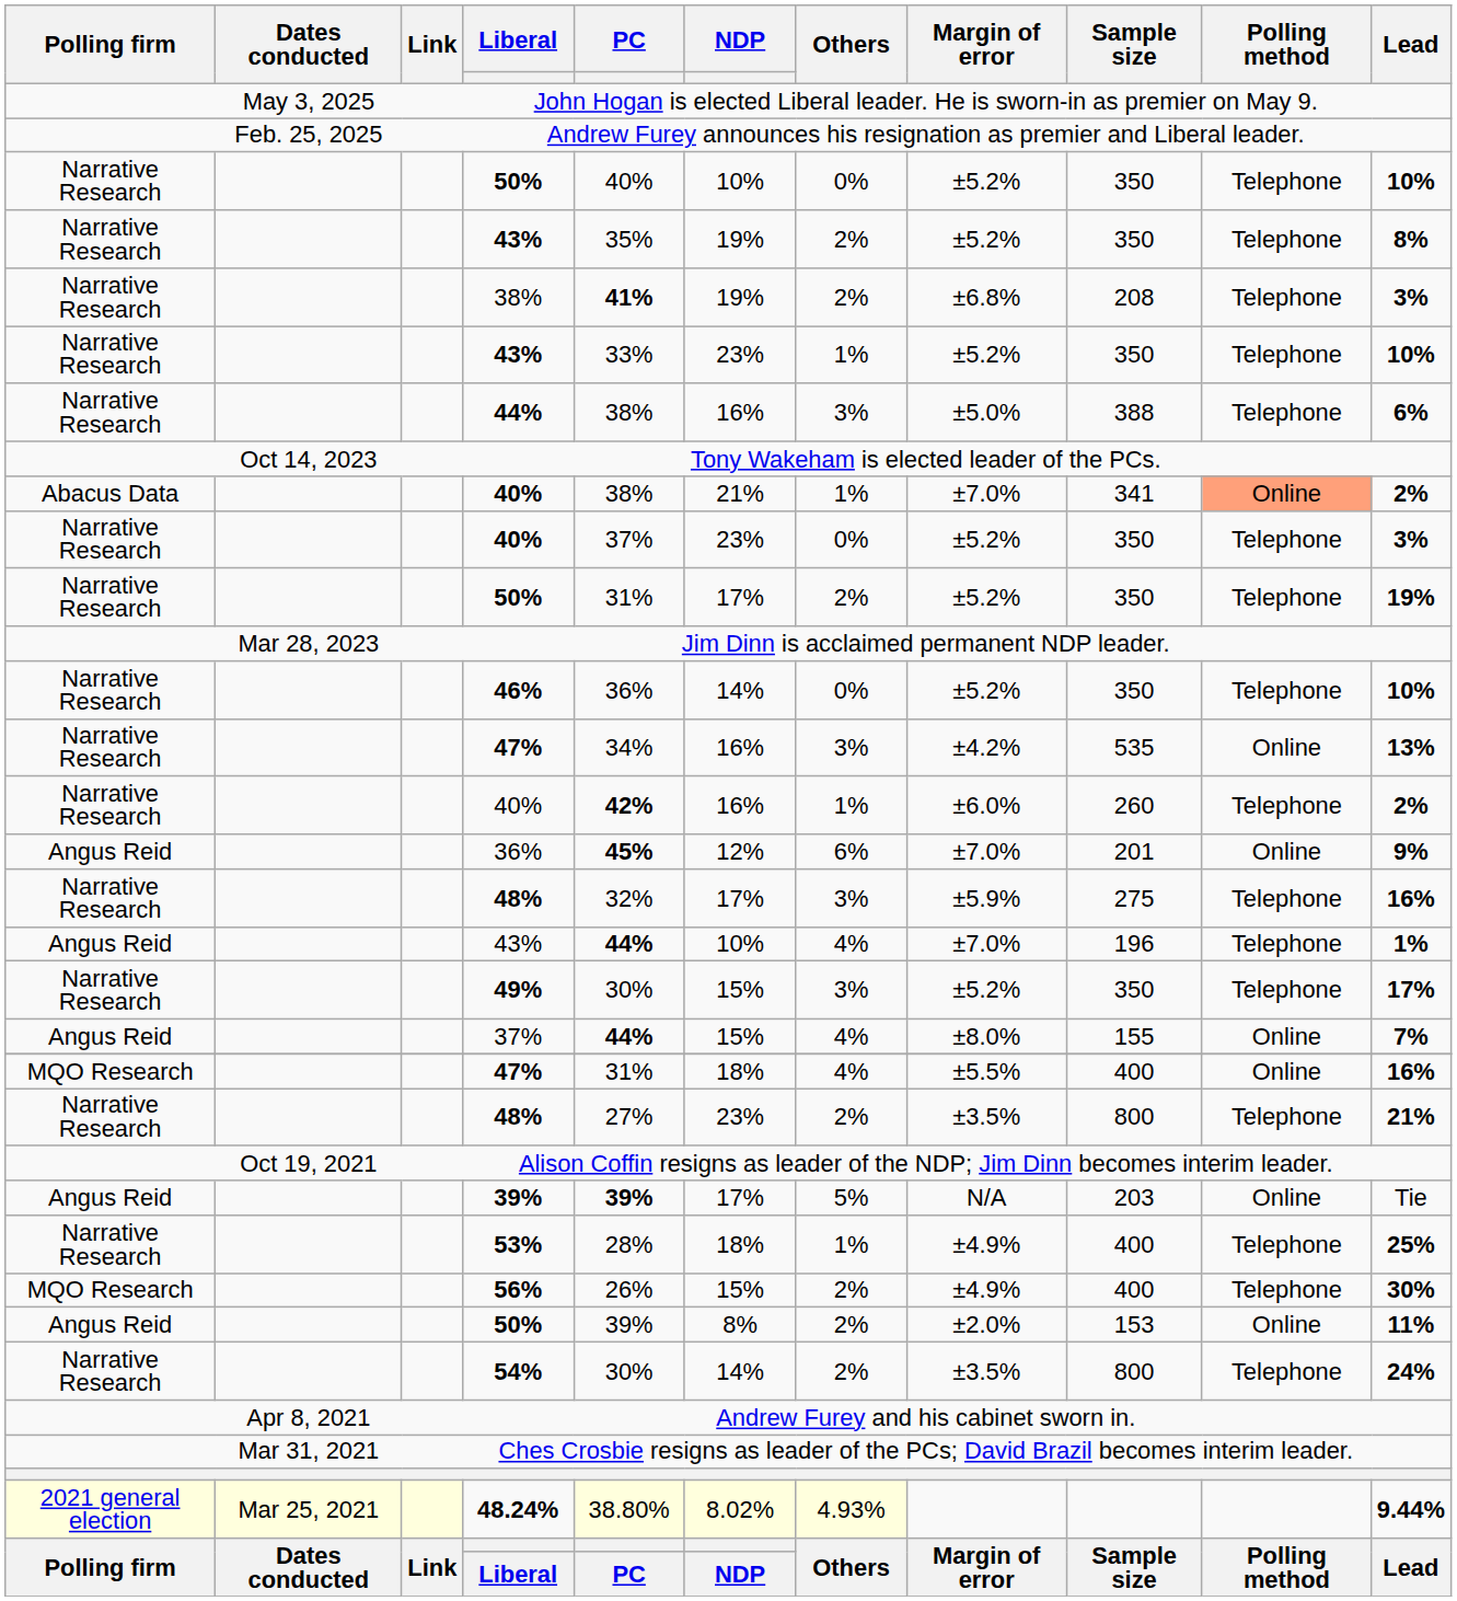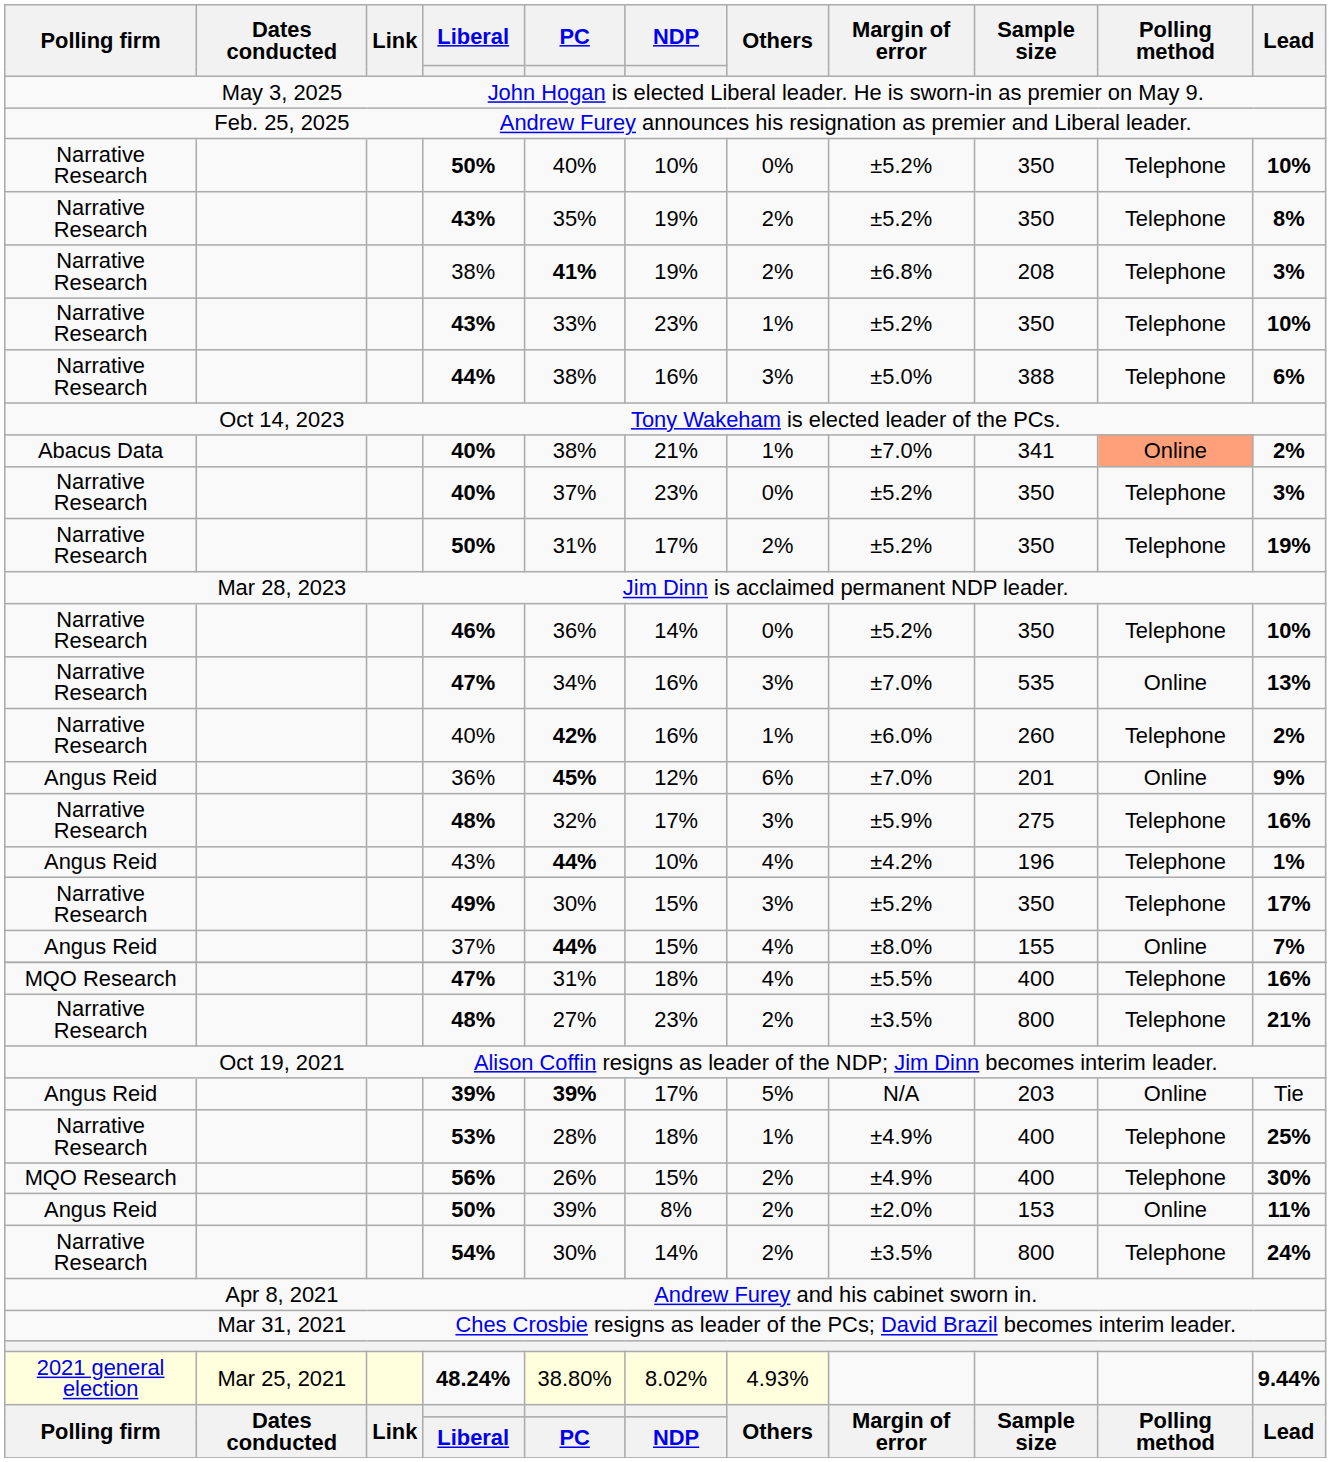 <table class="wikitable sortable mw-datatable" style="text-align:center;font-size:90%;line-height:14px">
 <tr style="height:40px;">
 <th rowspan="2">Polling firm</th>
 <th rowspan="2">Dates conducted</th>
 <th rowspan="2" class="unsortable">Link</th>
 <th width="60px" class="unsortable"><a href='#'>Liberal</a></th>
 <th width="60px" class="unsortable"><a href='#'>PC</a></th>
 <th width="60px" class="unsortable"><a href='#'>NDP</a></th>
 <th rowspan="2" width="60px">Others</th>
 <th rowspan="2">Margin of error</th>
 <th rowspan="2">Sample size</th>
 <th rowspan="2">Polling method</th>
 <th rowspan="2">Lead</th>
 </tr>
 <tr>
 <th style="background:"></th>
 <th style="background:"></th>
 <th style="background:"></th>
 </tr>
 <tr>
 <td style="border-right-style:hidden;"></td>
 <td style="border-right-style:hidden;" data-sort-value="2025-05-03">May 3, 2025</td>
 <td colspan="9"><a href='#'>John Hogan</a> is elected Liberal leader. He is sworn-in as premier on May 9.</td>
 </tr>
 <tr>
 <td style="border-right-style:hidden;"></td>
 <td style="border-right-style:hidden;" data-sort-value="2023-03-28">Feb. 25, 2025</td>
 <td colspan="9"><a href='#'>Andrew Furey</a> announces his resignation as premier and Liberal leader.</td>
 </tr>
 <tr>
 <td>Narrative Research</td>
 <td></td>
 <td></td>
 <td><strong>50%</strong></td>
 <td>40%</td>
 <td>10%</td>
 <td>0%</td>
 <td>±5.2%</td>
 <td>350</td>
 <td>Telephone</td>
 <td><strong>10%</strong></td>
 </tr>
 <tr>
 <td>Narrative Research</td>
 <td></td>
 <td></td>
 <td><strong>43%</strong></td>
 <td>35%</td>
 <td>19%</td>
 <td>2%</td>
 <td>±5.2%</td>
 <td>350</td>
 <td>Telephone</td>
 <td><strong>8%</strong></td>
 </tr>
 <tr>
 <td>Narrative Research</td>
 <td></td>
 <td></td>
 <td>38%</td>
 <td><strong>41%</strong></td>
 <td>19%</td>
 <td>2%</td>
 <td>±6.8%</td>
 <td>208</td>
 <td>Telephone</td>
 <td><strong>3%</strong></td>
 </tr>
 <tr>
 <td>Narrative Research</td>
 <td></td>
 <td></td>
 <td><strong>43%</strong></td>
 <td>33%</td>
 <td>23%</td>
 <td>1%</td>
 <td>±5.2%</td>
 <td>350</td>
 <td>Telephone</td>
 <td><strong>10%</strong></td>
 </tr>
 <tr>
 <td>Narrative Research</td>
 <td></td>
 <td></td>
 <td><strong>44%</strong></td>
 <td>38%</td>
 <td>16%</td>
 <td>3%</td>
 <td>±5.0%</td>
 <td>388</td>
 <td>Telephone</td>
 <td><strong>6%</strong></td>
 </tr>
 <tr>
 <td style="border-right-style:hidden;"></td>
 <td style="border-right-style:hidden;" data-sort-value="2023-10-14">Oct 14, 2023</td>
 <td colspan="9"><a href='#'>Tony Wakeham</a> is elected leader of the PCs.</td>
 </tr>
 <tr>
 <td>Abacus Data</td>
 <td></td>
 <td></td>
 <td><strong>40%</strong></td>
 <td>38%</td>
 <td>21%</td>
 <td>1%</td>
 <td>±7.0%</td>
 <td>341</td>
 <td style="background: lightsalmon;">Online</td>
 <td><strong>2%</strong></td>
 </tr>
 <tr>
 <td>Narrative Research</td>
 <td></td>
 <td></td>
 <td><strong>40%</strong></td>
 <td>37%</td>
 <td>23%</td>
 <td>0%</td>
 <td>±5.2%</td>
 <td>350</td>
 <td>Telephone</td>
 <td><strong>3%</strong></td>
 </tr>
 <tr>
 <td>Narrative Research</td>
 <td></td>
 <td></td>
 <td><strong>50%</strong></td>
 <td>31%</td>
 <td>17%</td>
 <td>2%</td>
 <td>±5.2%</td>
 <td>350</td>
 <td>Telephone</td>
 <td><strong>19%</strong></td>
 </tr>
 <tr>
 <td style="border-right-style:hidden;"></td>
 <td style="border-right-style:hidden;" data-sort-value="2023-03-28">Mar 28, 2023</td>
 <td colspan="9"><a href='#'>Jim Dinn</a> is acclaimed permanent NDP leader.</td>
 </tr>
 <tr>
 <td>Narrative Research</td>
 <td></td>
 <td></td>
 <td><strong>46%</strong></td>
 <td>36%</td>
 <td>14%</td>
 <td>0%</td>
 <td>±5.2%</td>
 <td>350</td>
 <td>Telephone</td>
 <td><strong>10%</strong></td>
 </tr>
 <tr>
 <td>Narrative Research</td>
 <td></td>
 <td></td>
 <td><strong>47%</strong></td>
 <td>34%</td>
 <td>16%</td>
 <td>3%</td>
-<td>±4.2%</td>
+<td>±7.0%</td>
 <td>535</td>
 <td>Online</td>
 <td><strong>13%</strong></td>
 </tr>
 <tr>
 <td>Narrative Research</td>
 <td></td>
 <td></td>
 <td>40%</td>
 <td><strong>42%</strong></td>
 <td>16%</td>
 <td>1%</td>
 <td>±6.0%</td>
 <td>260</td>
 <td>Telephone</td>
 <td><strong>2%</strong></td>
 </tr>
 <tr>
 <td>Angus Reid</td>
 <td></td>
 <td></td>
 <td>36%</td>
 <td><strong>45%</strong></td>
 <td>12%</td>
 <td>6%</td>
 <td>±7.0%</td>
 <td>201</td>
 <td>Online</td>
 <td><strong>9%</strong></td>
 </tr>
 <tr>
 <td>Narrative Research</td>
 <td></td>
 <td></td>
 <td><strong>48%</strong></td>
 <td>32%</td>
 <td>17%</td>
 <td>3%</td>
 <td>±5.9%</td>
 <td>275</td>
 <td>Telephone</td>
 <td><strong>16%</strong></td>
 </tr>
 <tr>
 <td>Angus Reid</td>
 <td></td>
 <td></td>
 <td>43%</td>
 <td><strong>44%</strong></td>
 <td>10%</td>
 <td>4%</td>
-<td>±7.0%</td>
+<td>±4.2%</td>
 <td>196</td>
 <td>Telephone</td>
 <td><strong>1%</strong></td>
 </tr>
 <tr>
 <td>Narrative Research</td>
 <td></td>
 <td></td>
 <td><strong>49%</strong></td>
 <td>30%</td>
 <td>15%</td>
 <td>3%</td>
 <td>±5.2%</td>
 <td>350</td>
 <td>Telephone</td>
 <td><strong>17%</strong></td>
 </tr>
 <tr>
 <td>Angus Reid</td>
 <td></td>
 <td></td>
 <td>37%</td>
 <td><strong>44%</strong></td>
 <td>15%</td>
 <td>4%</td>
 <td>±8.0%</td>
 <td>155</td>
 <td>Online</td>
 <td><strong>7%</strong></td>
 </tr>
 <tr>
 </tr>
 <tr>
 <td>MQO Research</td>
 <td></td>
 <td></td>
 <td><strong>47%</strong></td>
 <td>31%</td>
 <td>18%</td>
 <td>4%</td>
 <td>±5.5%</td>
 <td>400</td>
-<td>Online</td>
+<td>Telephone</td>
 <td><strong>16%</strong></td>
 </tr>
 <tr>
 <td>Narrative Research</td>
 <td></td>
 <td></td>
 <td><strong>48%</strong></td>
 <td>27%</td>
 <td>23%</td>
 <td>2%</td>
 <td>±3.5%</td>
 <td>800</td>
 <td>Telephone</td>
 <td><strong>21%</strong></td>
 </tr>
 <tr>
 <td style="border-right-style:hidden;"></td>
 <td style="border-right-style:hidden;" data-sort-value="2021-10-19">Oct 19, 2021</td>
 <td colspan="9"><a href='#'>Alison Coffin</a> resigns as leader of the NDP; <a href='#'>Jim Dinn</a> becomes interim leader.</td>
 </tr>
 <tr>
 <td>Angus Reid</td>
 <td></td>
 <td></td>
 <td><strong>39%</strong></td>
 <td><strong>39%</strong></td>
 <td>17%</td>
 <td>5%</td>
 <td>N/A</td>
 <td>203</td>
 <td>Online</td>
 <td data-sort-value="0">Tie</td>
 </tr>
 <tr>
 <td>Narrative Research</td>
 <td></td>
 <td></td>
 <td><strong>53%</strong></td>
 <td>28%</td>
 <td>18%</td>
 <td>1%</td>
 <td>±4.9%</td>
 <td>400</td>
 <td>Telephone</td>
 <td><strong>25%</strong></td>
 </tr>
 <tr>
 <td>MQO Research</td>
 <td></td>
 <td></td>
 <td><strong>56%</strong></td>
 <td>26%</td>
 <td>15%</td>
 <td>2%</td>
 <td>±4.9%</td>
 <td>400</td>
 <td>Telephone</td>
 <td><strong>30%</strong></td>
 </tr>
 <tr>
 <td>Angus Reid</td>
 <td></td>
 <td></td>
 <td><strong>50%</strong></td>
 <td>39%</td>
 <td>8%</td>
 <td>2%</td>
 <td>±2.0%</td>
 <td>153</td>
 <td>Online</td>
 <td><strong>11%</strong></td>
 </tr>
 <tr>
 <td>Narrative Research</td>
 <td></td>
 <td></td>
 <td><strong>54%</strong></td>
 <td>30%</td>
 <td>14%</td>
 <td>2%</td>
 <td>±3.5%</td>
 <td>800</td>
 <td>Telephone</td>
 <td><strong>24%</strong></td>
 </tr>
 <tr>
 <td style="border-right-style:hidden;"></td>
 <td style="border-right-style:hidden;" data-sort-value="2021-04-08">Apr 8, 2021</td>
 <td colspan="9"><a href='#'>Andrew Furey</a> and his cabinet sworn in.</td>
 </tr>
 <tr>
 <td style="border-right-style:hidden;"></td>
 <td style="border-right-style:hidden;" data-sort-value="2021-03-31">Mar 31, 2021</td>
 <td colspan="9"><a href='#'>Ches Crosbie</a> resigns as leader of the PCs; <a href='#'>David Brazil</a> becomes interim leader.</td>
 </tr>
 <tr>
 <th colspan="11"></th>
 </tr>
 <tr>
 <td style="background:#FFFFDD"><a href='#'>2021 general election</a></td>
 <td style="background:#FFFFDD" data-sort-value="2021-03-25">Mar 25, 2021</td>
 <td style="background:#FFFFDD"></td>
 <td><strong>48.24%</strong></td>
 <td style="background:#FFFFDD">38.80%</td>
 <td style="background:#FFFFDD">8.02%</td>
 <td style="background:#FFFFDD">4.93%</td>
 <td></td>
 <td></td>
 <td></td>
 <td><strong>9.44%</strong></td>
 </tr>
 <tr>
 <th rowspan="2">Polling firm</th>
 <th rowspan="2">Dates conducted</th>
 <th rowspan="2" class="unsortable">Link</th>
 <th style="background:"></th>
 <th style="background:"></th>
 <th style="background:"></th>
 <th rowspan="2" width="60px">Others</th>
 <th rowspan="2">Margin of error</th>
 <th rowspan="2">Sample size</th>
 <th rowspan="2">Polling method</th>
 <th rowspan="2">Lead</th>
 </tr>
 <tr>
 <th width="60px" class="unsortable"><a href='#'>Liberal</a></th>
 <th width="60px" class="unsortable"><a href='#'>PC</a></th>
 <th width="60px" class="unsortable"><a href='#'>NDP</a></th>
 </tr>
 </table>
